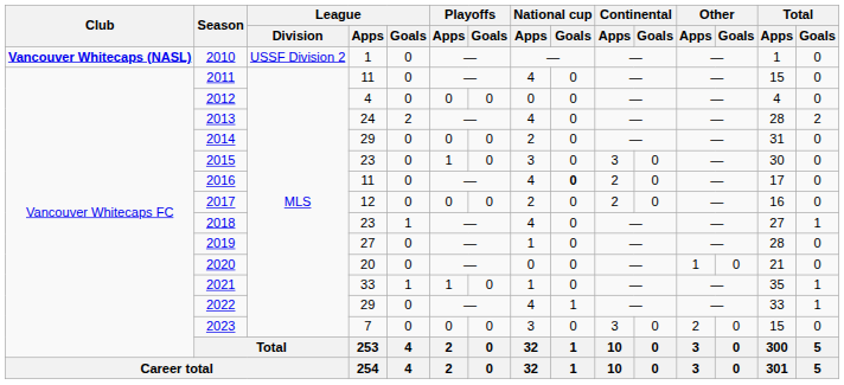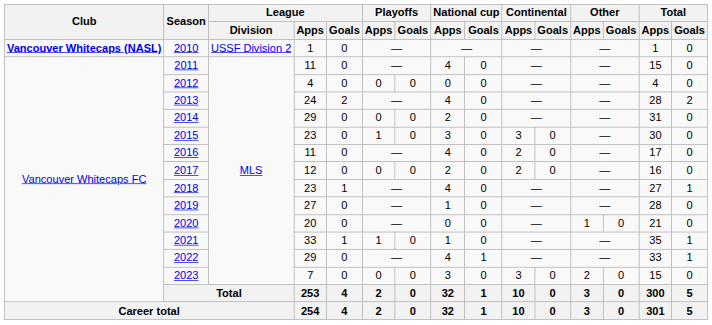 <table class="wikitable" style="text-align:center">
 <tr>
 <th rowspan="2">Club</th>
 <th rowspan="2">Season</th>
 <th colspan="3">League</th>
 <th colspan="2">Playoffs</th>
 <th colspan="2">National cup</th>
 <th colspan="2">Continental</th>
 <th colspan="2">Other</th>
 <th colspan="2">Total</th>
 </tr>
 <tr>
 <th>Division</th>
 <th>Apps</th>
 <th>Goals</th>
 <th>Apps</th>
 <th>Goals</th>
 <th>Apps</th>
 <th>Goals</th>
 <th>Apps</th>
 <th>Goals</th>
 <th>Apps</th>
 <th>Goals</th>
 <th>Apps</th>
 <th>Goals</th>
 </tr>
 <tr>
 <td><strong><a href='#'>Vancouver Whitecaps (NASL)</a></strong></td>
 <td><a href='#'>2010</a></td>
 <td><a href='#'>USSF Division 2</a></td>
 <td>1</td>
 <td>0</td>
 <td colspan="2">—</td>
 <td colspan="2">—</td>
 <td colspan="2">—</td>
 <td colspan="2">—</td>
 <td>1</td>
 <td>0</td>
 </tr>
 <tr>
 <td rowspan="14"><a href='#'>Vancouver Whitecaps FC</a></td>
 <td><a href='#'>2011</a></td>
 <td rowspan="13"><a href='#'>MLS</a></td>
 <td>11</td>
 <td>0</td>
 <td colspan="2">—</td>
 <td>4</td>
 <td>0</td>
 <td colspan="2">—</td>
 <td colspan="2">—</td>
 <td>15</td>
 <td>0</td>
 </tr>
 <tr>
 <td><a href='#'>2012</a></td>
 <td>4</td>
 <td>0</td>
 <td>0</td>
 <td>0</td>
 <td>0</td>
 <td>0</td>
 <td colspan="2">—</td>
 <td colspan="2">—</td>
 <td>4</td>
 <td>0</td>
 </tr>
 <tr>
 <td><a href='#'>2013</a></td>
 <td>24</td>
 <td>2</td>
 <td colspan="2">—</td>
 <td>4</td>
 <td>0</td>
 <td colspan="2">—</td>
 <td colspan="2">—</td>
 <td>28</td>
 <td>2</td>
 </tr>
 <tr>
 <td><a href='#'>2014</a></td>
 <td>29</td>
 <td>0</td>
 <td>0</td>
 <td>0</td>
 <td>2</td>
 <td>0</td>
 <td colspan="2">—</td>
 <td colspan="2">—</td>
 <td>31</td>
 <td>0</td>
 </tr>
 <tr>
 <td><a href='#'>2015</a></td>
 <td>23</td>
 <td>0</td>
 <td>1</td>
 <td>0</td>
 <td>3</td>
 <td>0</td>
 <td>3</td>
 <td>0</td>
 <td colspan="2">—</td>
 <td>30</td>
 <td>0</td>
 </tr>
 <tr>
 <td><a href='#'>2016</a></td>
 <td>11</td>
 <td>0</td>
 <td colspan="2">—</td>
 <td>4</td>
-<td><strong>0</strong></td>
+<td>0</td>
 <td>2</td>
 <td>0</td>
 <td colspan="2">—</td>
 <td>17</td>
 <td>0</td>
 </tr>
 <tr>
 <td><a href='#'>2017</a></td>
 <td>12</td>
 <td>0</td>
 <td>0</td>
 <td>0</td>
 <td>2</td>
 <td>0</td>
 <td>2</td>
 <td>0</td>
 <td colspan="2">—</td>
 <td>16</td>
 <td>0</td>
 </tr>
 <tr>
 <td><a href='#'>2018</a></td>
 <td>23</td>
 <td>1</td>
 <td colspan="2">—</td>
 <td>4</td>
 <td>0</td>
 <td colspan="2">—</td>
 <td colspan="2">—</td>
 <td>27</td>
 <td>1</td>
 </tr>
 <tr>
 <td><a href='#'>2019</a></td>
 <td>27</td>
 <td>0</td>
 <td colspan="2">—</td>
 <td>1</td>
 <td>0</td>
 <td colspan="2">—</td>
 <td colspan="2">—</td>
 <td>28</td>
 <td>0</td>
 </tr>
 <tr>
 <td><a href='#'>2020</a></td>
 <td>20</td>
 <td>0</td>
 <td colspan="2">—</td>
 <td>0</td>
 <td>0</td>
 <td colspan="2">—</td>
 <td>1</td>
 <td>0</td>
 <td>21</td>
 <td>0</td>
 </tr>
 <tr>
 <td><a href='#'>2021</a></td>
 <td>33</td>
 <td>1</td>
 <td>1</td>
 <td>0</td>
 <td>1</td>
 <td>0</td>
 <td colspan="2">—</td>
 <td colspan="2">—</td>
 <td>35</td>
 <td>1</td>
 </tr>
 <tr>
 <td><a href='#'>2022</a></td>
 <td>29</td>
 <td>0</td>
 <td colspan="2">—</td>
 <td>4</td>
 <td>1</td>
 <td colspan="2">—</td>
 <td colspan="2">—</td>
 <td>33</td>
 <td>1</td>
 </tr>
 <tr>
 <td><a href='#'>2023</a></td>
 <td>7</td>
 <td>0</td>
 <td>0</td>
 <td>0</td>
 <td>3</td>
 <td>0</td>
 <td>3</td>
 <td>0</td>
 <td>2</td>
 <td>0</td>
 <td>15</td>
 <td>0</td>
 </tr>
 <tr>
 <th colspan="2">Total</th>
 <th>253</th>
 <th>4</th>
 <th>2</th>
 <th>0</th>
 <th>32</th>
 <th>1</th>
 <th>10</th>
 <th>0</th>
 <th>3</th>
 <th>0</th>
 <th>300</th>
 <th>5</th>
 </tr>
 <tr>
 <th colspan="3">Career total</th>
 <th>254</th>
 <th>4</th>
 <th>2</th>
 <th>0</th>
 <th>32</th>
 <th>1</th>
 <th>10</th>
 <th>0</th>
 <th>3</th>
 <th>0</th>
 <th>301</th>
 <th>5</th>
 </tr>
 </table>
